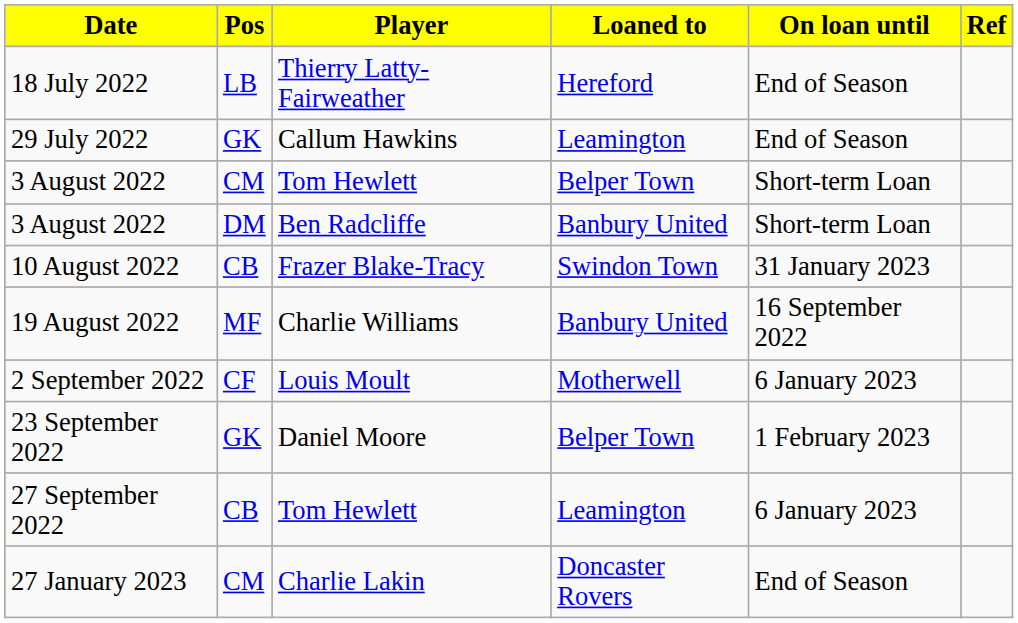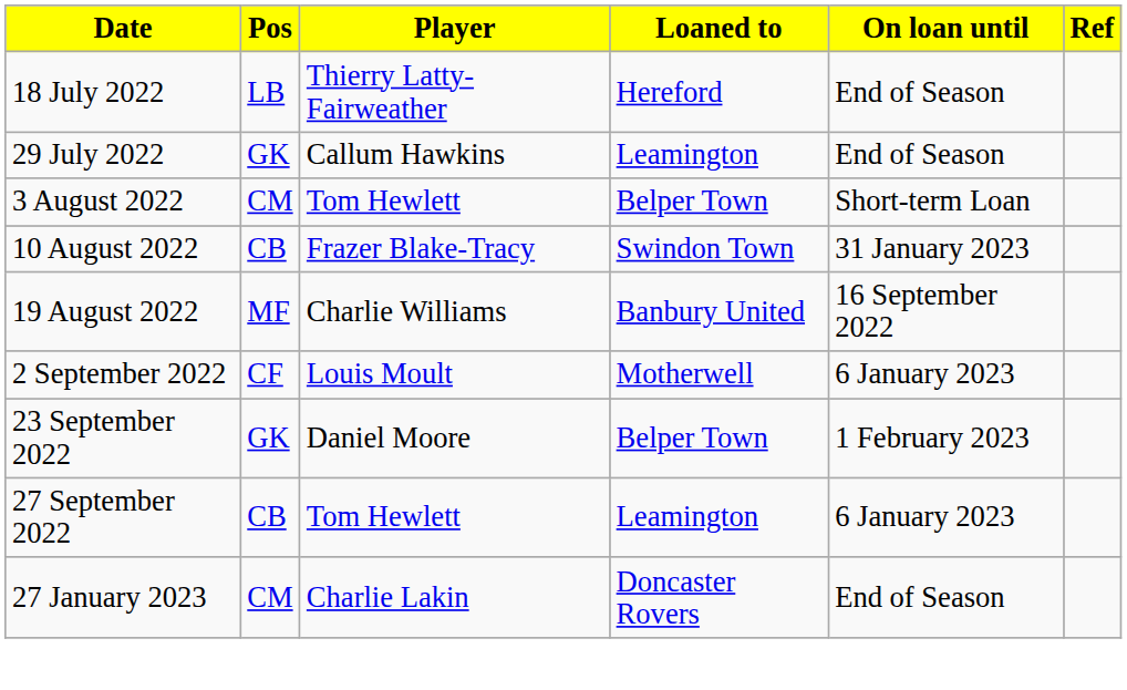 <table class="wikitable plainrowheaders sortable">
 <tr>
 <th style="background-color:#FFFF00; color:#000000; ">Date</th>
 <th style="background-color:#FFFF00; color:#000000; ">Pos</th>
 <th style="background-color:#FFFF00; color:#000000; ">Player</th>
 <th style="background-color:#FFFF00; color:#000000; ">Loaned to</th>
 <th style="background-color:#FFFF00; color:#000000; ">On loan until</th>
 <th style="background-color:#FFFF00; color:#000000; ">Ref</th>
 </tr>
 <tr>
 <td>18 July 2022</td>
 <td><a href='#'>LB</a></td>
 <td> <a href='#'>Thierry Latty-Fairweather</a></td>
 <td> <a href='#'>Hereford</a></td>
 <td>End of Season</td>
 <td></td>
 </tr>
 <tr>
 <td>29 July 2022</td>
 <td><a href='#'>GK</a></td>
 <td> Callum Hawkins</td>
 <td> <a href='#'>Leamington</a></td>
 <td>End of Season</td>
 <td></td>
 </tr>
 <tr>
 <td>3 August 2022</td>
 <td><a href='#'>CM</a></td>
 <td> <a href='#'>Tom Hewlett</a></td>
 <td> <a href='#'>Belper Town</a></td>
-<td>Short-term Loan</td>
-<td></td>
-</tr>
-<tr>
-<td>3 August 2022</td>
-<td><a href='#'>DM</a></td>
-<td> <a href='#'>Ben Radcliffe</a></td>
-<td> <a href='#'>Banbury United</a></td>
 <td>Short-term Loan</td>
 <td></td>
 </tr>
 <tr>
 <td>10 August 2022</td>
 <td><a href='#'>CB</a></td>
 <td> <a href='#'>Frazer Blake-Tracy</a></td>
 <td> <a href='#'>Swindon Town</a></td>
 <td>31 January 2023</td>
 <td></td>
 </tr>
 <tr>
 <td>19 August 2022</td>
 <td><a href='#'>MF</a></td>
 <td> Charlie Williams</td>
 <td> <a href='#'>Banbury United</a></td>
 <td>16 September 2022</td>
 <td></td>
 </tr>
 <tr>
 <td>2 September 2022</td>
 <td><a href='#'>CF</a></td>
 <td> <a href='#'>Louis Moult</a></td>
 <td> <a href='#'>Motherwell</a></td>
 <td>6 January 2023</td>
 <td></td>
 </tr>
 <tr>
 <td>23 September 2022</td>
 <td><a href='#'>GK</a></td>
 <td> Daniel Moore</td>
 <td> <a href='#'>Belper Town</a></td>
 <td>1 February 2023</td>
 <td></td>
 </tr>
 <tr>
 <td>27 September 2022</td>
 <td><a href='#'>CB</a></td>
 <td> <a href='#'>Tom Hewlett</a></td>
 <td> <a href='#'>Leamington</a></td>
 <td>6 January 2023</td>
 <td></td>
 </tr>
 <tr>
 <td>27 January 2023</td>
 <td><a href='#'>CM</a></td>
 <td> <a href='#'>Charlie Lakin</a></td>
 <td> <a href='#'>Doncaster Rovers</a></td>
 <td>End of Season</td>
 <td></td>
 </tr>
 </table>
